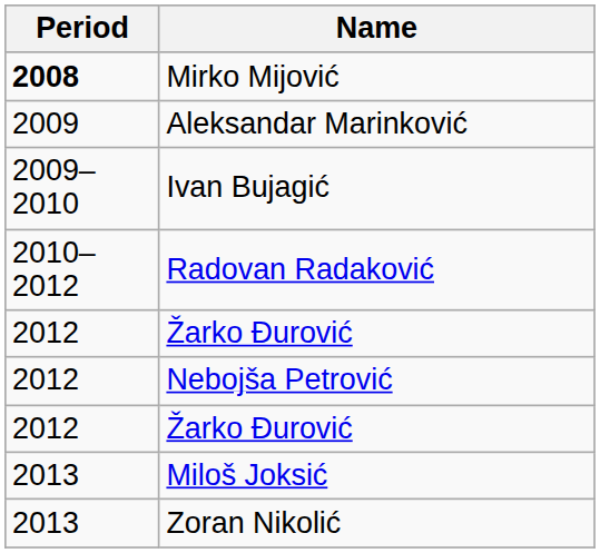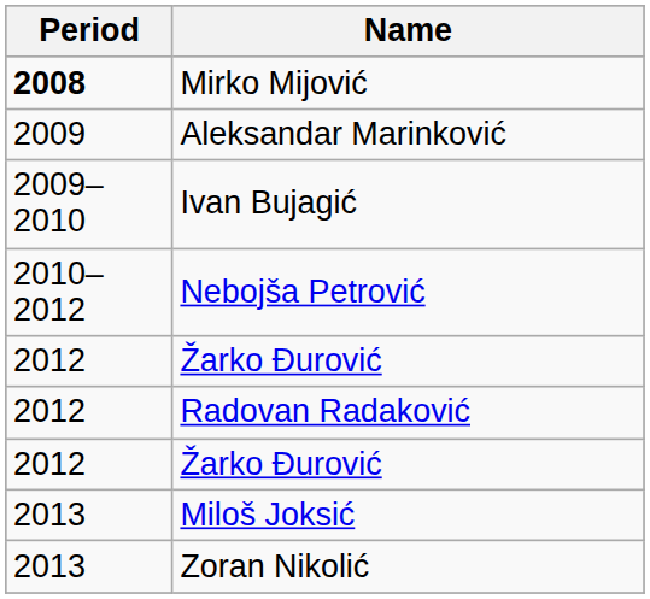 <table class="wikitable">
 <tr>
 <th width="75">Period</th>
 <th width="225">Name</th>
 </tr>
 <tr>
 <td><strong>2008</strong></td>
 <td> Mirko Mijović</td>
 </tr>
 <tr>
 <td>2009</td>
 <td> Aleksandar Marinković</td>
 </tr>
 <tr>
 <td>2009–2010</td>
 <td> Ivan Bujagić</td>
 </tr>
 <tr>
 <td>2010–2012</td>
-<td> <a href='#'>Radovan Radaković</a></td>
+<td> <a href='#'>Nebojša Petrović</a></td>
 </tr>
 <tr>
 <td>2012</td>
 <td> <a href='#'>Žarko Đurović</a></td>
 </tr>
 <tr>
 <td>2012</td>
-<td> <a href='#'>Nebojša Petrović</a></td>
+<td> <a href='#'>Radovan Radaković</a></td>
 </tr>
 <tr>
 <td>2012</td>
 <td> <a href='#'>Žarko Đurović</a></td>
 </tr>
 <tr>
 <td>2013</td>
 <td> <a href='#'>Miloš Joksić</a></td>
 </tr>
 <tr>
 <td>2013</td>
 <td> Zoran Nikolić</td>
 </tr>
 </table>
